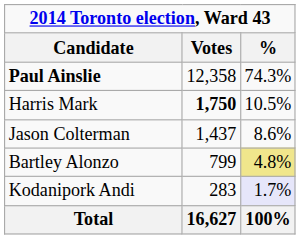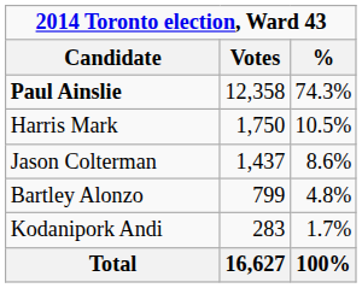 <table class="wikitable">
 <tr>
 <td Colspan="3" align="center"><strong><a href='#'>2014 Toronto election</a>, Ward 43</strong></td>
 </tr>
 <tr>
 <th bgcolor="#DDDDFF" width="150px">Candidate</th>
 <th bgcolor="#DDDDFF">Votes</th>
 <th bgcolor="#DDDDFF">%</th>
 </tr>
 <tr>
 <td><strong>Paul Ainslie</strong></td>
 <td align=right>12,358</td>
 <td align=right>74.3%</td>
 </tr>
 <tr>
 <td>Harris Mark</td>
-<td align=right><strong>1,750</strong></td>
+<td align=right>1,750</td>
 <td align=right>10.5%</td>
 </tr>
 <tr>
 <td>Jason Colterman</td>
 <td align=right>1,437</td>
 <td align=right>8.6%</td>
 </tr>
 <tr>
 <td>Bartley Alonzo</td>
 <td align=right>799</td>
-<td align=right style="background: khaki;">4.8%</td>
+<td align=right>4.8%</td>
 </tr>
 <tr>
 <td>Kodanipork Andi</td>
 <td align=right>283</td>
-<td align=right style="background: lavender;">1.7%</td>
+<td align=right>1.7%</td>
 </tr>
 <tr>
 <th>Total</th>
 <th align=right>16,627</th>
 <th align=right>100%</th>
 </tr>
 </table>
